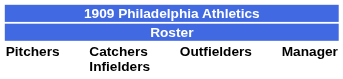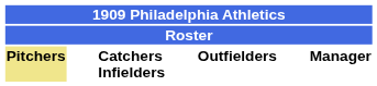 <table class="toccolours" style="font-size: 95%;">
 <tr>
 <th colspan="10" style="background-color: #4169e1; color: white; text-align: center;">1909 Philadelphia Athletics</th>
 </tr>
 <tr>
 <td colspan="10" style="background-color: #4169e1; color: white ; text-align: center;"><strong>Roster</strong></td>
 </tr>
 <tr>
-<td valign="top"><strong>Pitchers</strong><br>         </td>
+<td valign="top" style="background: khaki;"><strong>Pitchers</strong><br>         </td>
 <td width="25px"></td>
 <td valign="top"><strong>Catchers</strong><br>     <strong>Infielders</strong>        </td>
 <td width="25px"></td>
 <td valign="top"><strong>Outfielders</strong><br>       </td>
 <td width="25px"></td>
 <td valign="top"><strong>Manager</strong><br></td>
 </tr>
 </table>
